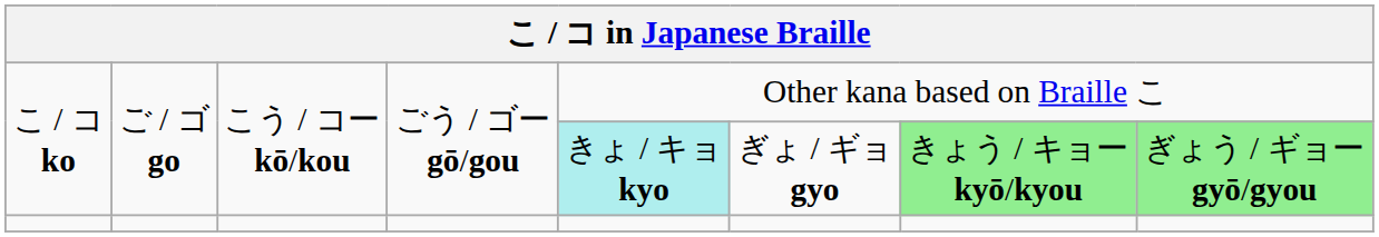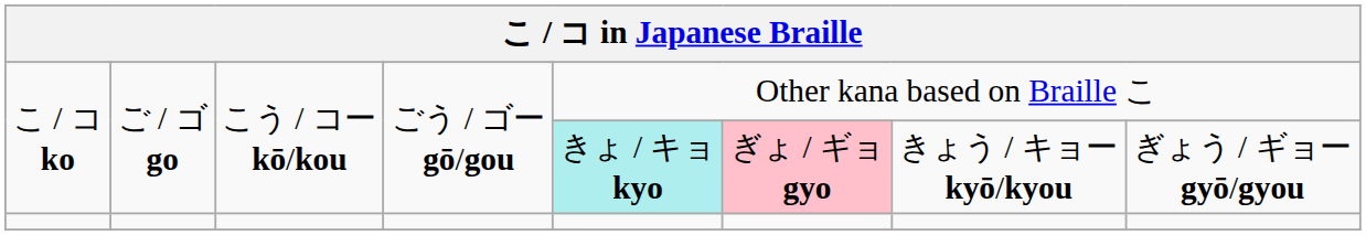 <table class="wikitable nowrap" style="text-align:center">
 <tr>
 <th colspan=8>こ / コ in <a href='#'>Japanese Braille</a></th>
 </tr>
 <tr>
 <td rowspan=2>こ / コ <br><strong>ko</strong></td>
 <td rowspan=2>ご / ゴ <br><strong>go</strong></td>
 <td rowspan=2>こう / コー <br><strong>kō</strong>/<strong>kou</strong></td>
 <td rowspan=2>ごう / ゴー <br><strong>gō</strong>/<strong>gou</strong></td>
 <td colspan=4>Other kana based on <a href='#'>Braille</a> こ</td>
 </tr>
 <tr>
 <td style="background: paleturquoise;">きょ / キョ <br><strong>kyo</strong></td>
-<td>ぎょ / ギョ <br><strong>gyo</strong></td>
-<td style="background: lightgreen;">きょう / キョー <br><strong>kyō</strong>/<strong>kyou</strong></td>
-<td style="background: lightgreen;">ぎょう / ギョー <br><strong>gyō</strong>/<strong>gyou</strong></td>
+<td style="background: pink;">ぎょ / ギョ <br><strong>gyo</strong></td>
+<td>きょう / キョー <br><strong>kyō</strong>/<strong>kyou</strong></td>
+<td>ぎょう / ギョー <br><strong>gyō</strong>/<strong>gyou</strong></td>
 </tr>
 <tr>
 <td></td>
 <td></td>
 <td></td>
 <td></td>
 <td></td>
 <td></td>
 <td></td>
 <td></td>
 </tr>
 </table>
